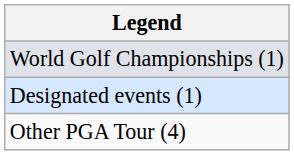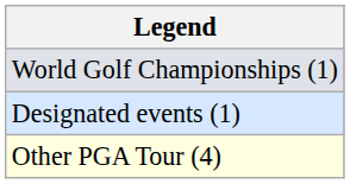 <table class="wikitable" style="font-size:95%;">
 <tr>
 <th>Legend</th>
 </tr>
 <tr style="background:#dfe2e9;">
 <td>World Golf Championships (1)</td>
 </tr>
 <tr style="background:#D6E8FF;">
 <td>Designated events (1)</td>
 </tr>
 <tr>
-<td>Other PGA Tour (4)</td>
+<td style="background: lightyellow;">Other PGA Tour (4)</td>
 </tr>
 </table>
